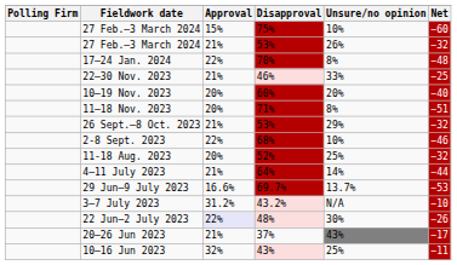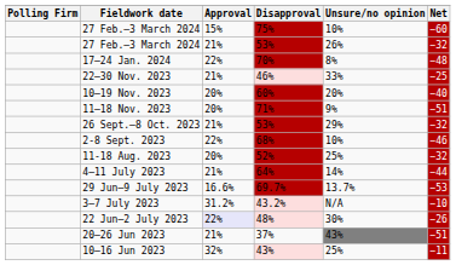 <table class="wikitable sortable">
 <tr>
 </tr>
 <tr>
 <th>Polling Firm</th>
 <th>Fieldwork date</th>
 <th>Approval</th>
 <th>Disapproval</th>
 <th>Unsure/no opinion</th>
 <th>Net</th>
 </tr>
 <tr>
 <td rowspan="1" style="padding:5px;"></td>
 <td>27 Feb.–3 March 2024</td>
 <td>15%</td>
 <td style="background: #B60000; color: Black">75%</td>
 <td>10%</td>
 <td style="background: #B60000; color: White">−60</td>
 </tr>
 <tr>
 <td rowspan="1" style="padding:5px;"></td>
 <td>27 Feb.–3 March 2024</td>
 <td>21%</td>
 <td style="background: #B60000; color: Black">53%</td>
 <td>26%</td>
 <td style="background: #B60000; color: White">−32</td>
 </tr>
 <tr>
 <td rowspan="1" style="padding:5px;"></td>
 <td>17–24 Jan. 2024</td>
 <td>22%</td>
 <td style="background: #B60000; color: Black">70%</td>
 <td>8%</td>
 <td style="background: #B60000; color: White">−48</td>
 </tr>
 <tr>
 <td rowspan="1" style="padding:5px;"></td>
 <td>22–30 Nov. 2023</td>
 <td>21%</td>
 <td style="background: #FDDEDE; color: Black">46%</td>
 <td>33%</td>
 <td style="background: #B60000; color: White">−25</td>
 </tr>
 <tr>
 <td rowspan="1" style="padding:5px;"></td>
 <td>10–19 Nov. 2023</td>
 <td>20%</td>
 <td style="background: #B60000; color: Black">60%</td>
 <td>20%</td>
 <td style="background: #B60000; color: White">−40</td>
 </tr>
 <tr>
 <td rowspan="1" style="padding:5px;"></td>
 <td>11–18 Nov. 2023</td>
 <td>20%</td>
 <td style="background: #B60000; color: Black">71%</td>
-<td>8%</td>
+<td>9%</td>
 <td style="background: #B60000; color: White">−51</td>
 </tr>
 <tr>
 <td rowspan="1" style="padding:5px;"></td>
 <td>26 Sept.–8 Oct. 2023</td>
 <td>21%</td>
 <td style="background: #B60000; color: Black">53%</td>
 <td>29%</td>
 <td style="background: #B60000; color: White">−32</td>
 </tr>
 <tr>
 <td rowspan="1" style="padding:5px;"></td>
 <td>2-8 Sept. 2023</td>
 <td>22%</td>
 <td style="background: #B60000; color: Black">68%</td>
 <td>10%</td>
 <td style="background: #B60000; color: White">−46</td>
 </tr>
 <tr>
 <td rowspan="1" style="padding:5px;"></td>
 <td>11-18 Aug. 2023</td>
 <td>20%</td>
 <td style="background: #B60000; color: Black">52%</td>
 <td>25%</td>
 <td style="background: #B60000; color: White">−32</td>
 </tr>
 <tr>
 <td rowspan="1" style="padding:5px;"></td>
 <td>4–11 July 2023</td>
 <td>21%</td>
 <td style="background: #B60000; color: Black">64%</td>
 <td>14%</td>
 <td style="background: #B60000; color: White">−44</td>
 </tr>
 <tr>
 <td rowspan="1" style="padding:5px;"></td>
 <td>29 Jun–9 July 2023</td>
 <td>16.6%</td>
 <td style="background: #B60000; color: Black">69.7%</td>
 <td>13.7%</td>
 <td style="background: #B60000; color: White">−53</td>
 </tr>
 <tr>
 <td rowspan="1" style="padding:5px;"></td>
 <td>3–7 July 2023</td>
 <td>31.2%</td>
 <td style="background: #FDDEDE; color: Black">43.2%</td>
 <td>N/A</td>
 <td style="background: #B60000; color: White">−10</td>
 </tr>
 <tr>
 <td rowspan="1" style="padding:5px;"></td>
 <td>22 Jun–2 July 2023</td>
 <td style="background: lavender;">22%</td>
 <td style="background: #FDDEDE; color: Black">48%</td>
 <td>30%</td>
 <td style="background: #B60000; color: White">−26</td>
 </tr>
 <tr>
 <td rowspan="1" style="padding:5px;"></td>
 <td>20–26 Jun 2023</td>
 <td>21%</td>
 <td>37%</td>
 <td style="background: #808080; color: Black">43%</td>
-<td style="background: #B60000; color: White">−17</td>
+<td style="background: #B60000; color: White">−51</td>
 </tr>
 <tr>
 <td rowspan="1" style="padding:5px;"></td>
 <td>10–16 Jun 2023</td>
 <td>32%</td>
 <td style="background: #FDDEDE; color: Black">43%</td>
 <td>25%</td>
 <td style="background: #B60000; color: White">−11</td>
 </tr>
 </table>
